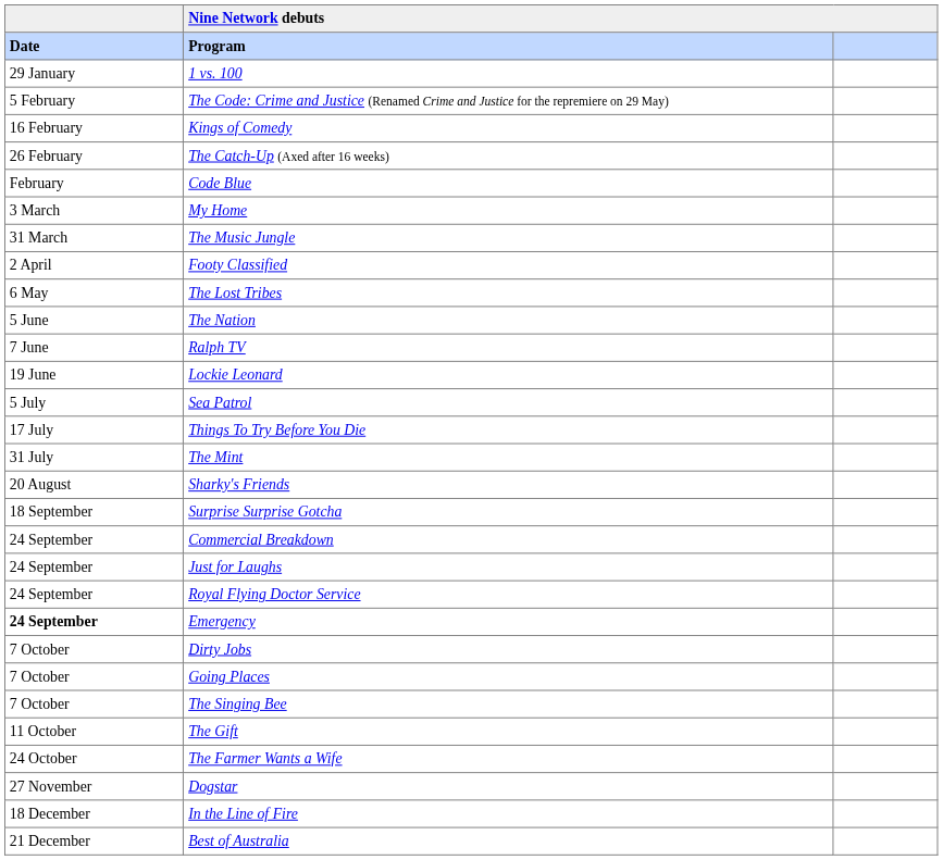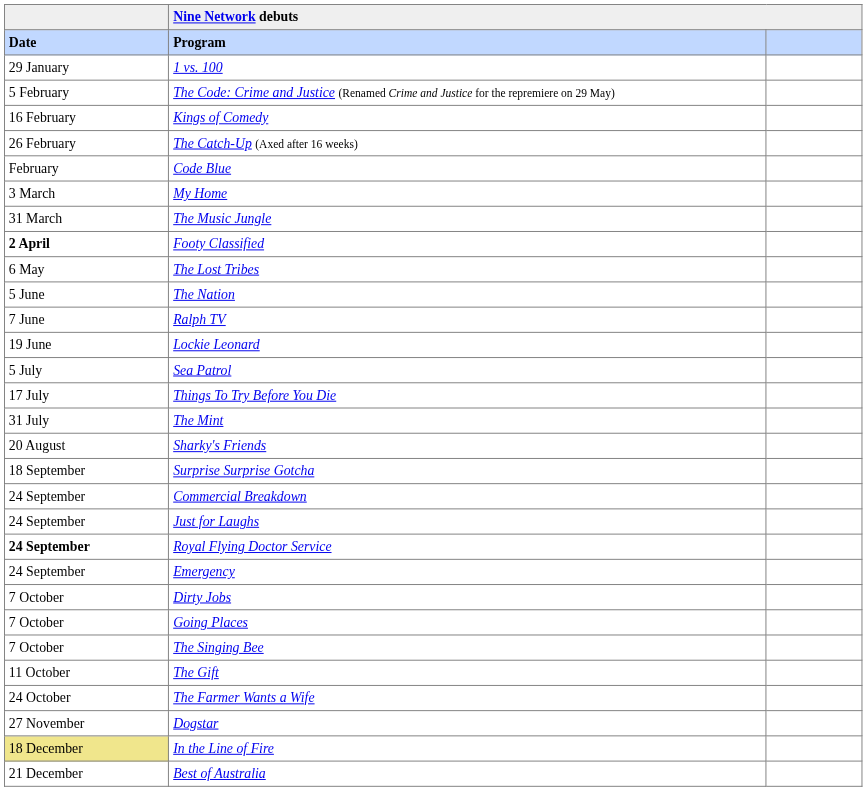 <table border="1" cellpadding="4" cellspacing="0" style="text-align:left; font-size:89%; border-collapse:collapse;" width=70%>
 <tr style="background-color:#efefef;">
 <td colspan=1></td>
 <td colspan=3><strong><a href='#'>Nine Network</a> debuts</strong></td>
 </tr>
 <tr style="background:#C1D8FF;">
 <th width=6%>Date</th>
 <th width=25%>Program</th>
 <th width=4%></th>
 </tr>
 <tr>
 <td>29 January</td>
 <td><em><a href='#'>1 vs. 100</a></em></td>
 <td></td>
 </tr>
 <tr>
 <td>5 February</td>
 <td><em><a href='#'>The Code: Crime and Justice</a></em> <small>(Renamed <em>Crime and Justice</em> for the repremiere on 29 May)</small></td>
 <td></td>
 </tr>
 <tr>
 <td>16 February</td>
 <td><em><a href='#'>Kings of Comedy</a></em></td>
 <td></td>
 </tr>
 <tr>
 <td>26 February</td>
 <td><em><a href='#'>The Catch-Up</a></em> <small>(Axed after 16 weeks)</small></td>
 <td></td>
 </tr>
 <tr>
 <td>February</td>
 <td><em><a href='#'>Code Blue</a></em></td>
 <td></td>
 </tr>
 <tr>
 <td>3 March</td>
 <td><em><a href='#'>My Home</a></em></td>
 <td></td>
 </tr>
 <tr>
 <td>31 March</td>
 <td><em><a href='#'>The Music Jungle</a></em></td>
 <td></td>
 </tr>
 <tr>
-<td>2 April</td>
+<td><strong>2 April</strong></td>
 <td><em><a href='#'>Footy Classified</a></em></td>
 <td></td>
 </tr>
 <tr>
 <td>6 May</td>
 <td><em><a href='#'>The Lost Tribes</a></em></td>
 <td></td>
 </tr>
 <tr>
 <td>5 June</td>
 <td><em><a href='#'>The Nation</a></em></td>
 <td></td>
 </tr>
 <tr>
 <td>7 June</td>
 <td><em><a href='#'>Ralph TV</a></em></td>
 <td></td>
 </tr>
 <tr>
 <td>19 June</td>
 <td><em><a href='#'>Lockie Leonard</a></em></td>
 <td></td>
 </tr>
 <tr>
 <td>5 July</td>
 <td><em><a href='#'>Sea Patrol</a></em></td>
 <td></td>
 </tr>
 <tr>
 <td>17 July</td>
 <td><em><a href='#'>Things To Try Before You Die</a></em></td>
 <td></td>
 </tr>
 <tr>
 <td>31 July</td>
 <td><em><a href='#'>The Mint</a></em></td>
 <td></td>
 </tr>
 <tr>
 <td>20 August</td>
 <td><em><a href='#'>Sharky's Friends</a></em></td>
 <td></td>
 </tr>
 <tr>
 <td>18 September</td>
 <td><em><a href='#'>Surprise Surprise Gotcha</a></em></td>
 <td></td>
 </tr>
 <tr>
 <td>24 September</td>
 <td><em><a href='#'>Commercial Breakdown</a></em></td>
 <td></td>
 </tr>
 <tr>
 <td>24 September</td>
 <td><em><a href='#'>Just for Laughs</a></em></td>
 <td></td>
 </tr>
 <tr>
-<td>24 September</td>
+<td><strong>24 September</strong></td>
 <td><em><a href='#'>Royal Flying Doctor Service</a></em></td>
 <td></td>
 </tr>
 <tr>
-<td><strong>24 September</strong></td>
+<td>24 September</td>
 <td><em><a href='#'>Emergency</a></em></td>
 <td></td>
 </tr>
 <tr>
 <td>7 October</td>
 <td><em><a href='#'>Dirty Jobs</a></em></td>
 <td></td>
 </tr>
 <tr>
 <td>7 October</td>
 <td><em><a href='#'>Going Places</a></em></td>
 <td></td>
 </tr>
 <tr>
 <td>7 October</td>
 <td><em><a href='#'>The Singing Bee</a></em></td>
 <td></td>
 </tr>
 <tr>
 <td>11 October</td>
 <td><em><a href='#'>The Gift</a></em></td>
 <td></td>
 </tr>
 <tr>
 <td>24 October</td>
 <td><em><a href='#'>The Farmer Wants a Wife</a></em></td>
 <td></td>
 </tr>
 <tr>
 <td>27 November</td>
 <td><em><a href='#'>Dogstar</a></em></td>
 <td></td>
 </tr>
 <tr>
-<td>18 December</td>
+<td style="background: khaki;">18 December</td>
 <td><em><a href='#'>In the Line of Fire</a></em></td>
 <td></td>
 </tr>
 <tr>
 <td>21 December</td>
 <td><em><a href='#'>Best of Australia</a></em></td>
 <td></td>
 </tr>
 </table>
